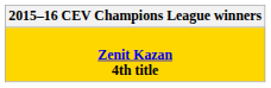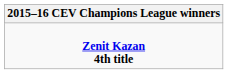 <table class=wikitable style="text-align:center; margin:auto">
 <tr>
 <th>2015–16 CEV Champions League winners</th>
 </tr>
 <tr>
-<td style="background: gold;"><br><strong><a href='#'>Zenit Kazan</a></strong><br> <strong>4th title</strong></td>
+<td><br><strong><a href='#'>Zenit Kazan</a></strong><br> <strong>4th title</strong></td>
 </tr>
 </table>
